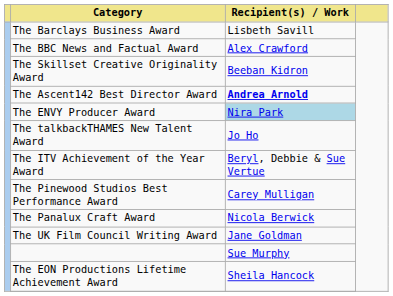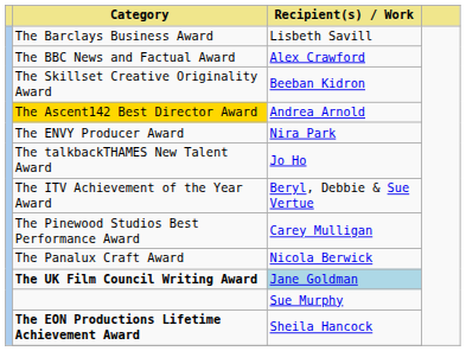 <table class="wikitable" width="70%" scope="col" style="text-align: left; font-size: 90%">
 <tr col>
 <th style="background:#F0E68C" width="1px"></th>
 <th style="background:#F0E68C" width="56%">Category</th>
 <th style="background:#F0E68C" width="34%">Recipient(s) / Work</th>
 <th style="background:#F0E68C" scope="col" class="unsortable"></th>
 </tr>
 <tr>
 <td style="background: #abcdef;" rowspan="14"></td>
 <td scope="col" style="align:left">The Barclays Business Award</td>
 <td>Lisbeth Savill</td>
 <td rowspan="14"></td>
 </tr>
 <tr>
 <td>The BBC News and Factual Award</td>
 <td><a href='#'>Alex Crawford</a></td>
 </tr>
 <tr>
 <td>The Skillset Creative Originality Award</td>
 <td><a href='#'>Beeban Kidron</a></td>
 </tr>
 <tr>
-<td>The Ascent142 Best Director Award</td>
-<td><strong><a href='#'>Andrea Arnold</a></strong></td>
+<td style="background: gold;">The Ascent142 Best Director Award</td>
+<td><a href='#'>Andrea Arnold</a></td>
 </tr>
 <tr>
 <td>The ENVY Producer Award</td>
-<td style="background: lightblue;"><a href='#'>Nira Park</a></td>
+<td><a href='#'>Nira Park</a></td>
 </tr>
 <tr>
 <td>The talkbackTHAMES New Talent Award</td>
 <td><a href='#'>Jo Ho</a></td>
 </tr>
 <tr>
 <td>The ITV Achievement of the Year Award</td>
 <td><a href='#'>Beryl</a>, Debbie & <a href='#'>Sue Vertue</a></td>
 </tr>
 <tr>
 <td>The Pinewood Studios Best Performance Award</td>
 <td><a href='#'>Carey Mulligan</a></td>
 </tr>
 <tr>
 <td>The Panalux Craft Award</td>
 <td><a href='#'>Nicola Berwick</a></td>
 </tr>
 <tr>
-<td>The UK Film Council Writing Award</td>
-<td><a href='#'>Jane Goldman</a></td>
+<td><strong>The UK Film Council Writing Award</strong></td>
+<td style="background: lightblue;"><a href='#'>Jane Goldman</a></td>
 </tr>
 <tr>
 <td></td>
 <td><a href='#'>Sue Murphy</a></td>
 </tr>
 <tr>
-<td>The EON Productions Lifetime Achievement Award</td>
+<td><strong>The EON Productions Lifetime Achievement Award</strong></td>
 <td><a href='#'>Sheila Hancock</a></td>
 </tr>
 <tr>
 </tr>
 </table>
